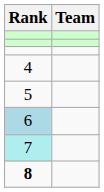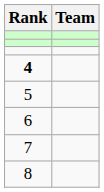 <table class=wikitable style="text-align:center">
 <tr>
 <th>Rank</th>
 <th>Team</th>
 </tr>
 <tr bgcolor=#ccffcc>
 <td></td>
 <td align=left></td>
 </tr>
 <tr bgcolor=#ccffcc>
 <td></td>
 <td align=left></td>
 </tr>
 <tr>
 <td></td>
 <td align=left></td>
 </tr>
 <tr>
-<td>4</td>
+<td><strong>4</strong></td>
 <td align=left></td>
 </tr>
 <tr>
 <td>5</td>
 <td align=left></td>
 </tr>
 <tr>
-<td style="background: lightblue;">6</td>
+<td>6</td>
 <td align=left></td>
 </tr>
 <tr>
-<td style="background: paleturquoise;">7</td>
+<td>7</td>
 <td align=left></td>
 </tr>
 <tr>
-<td><strong>8</strong></td>
+<td>8</td>
 <td align=left></td>
 </tr>
 </table>
